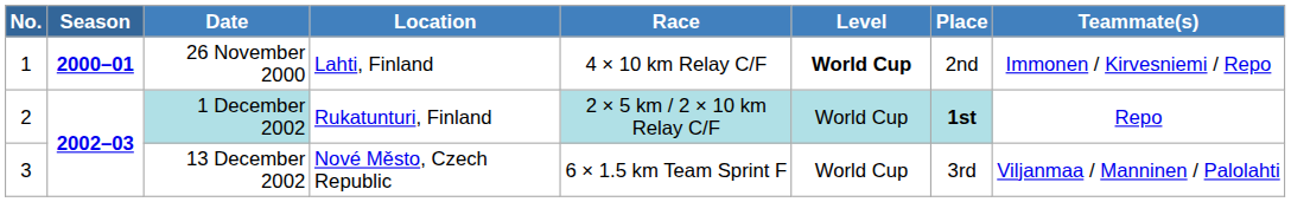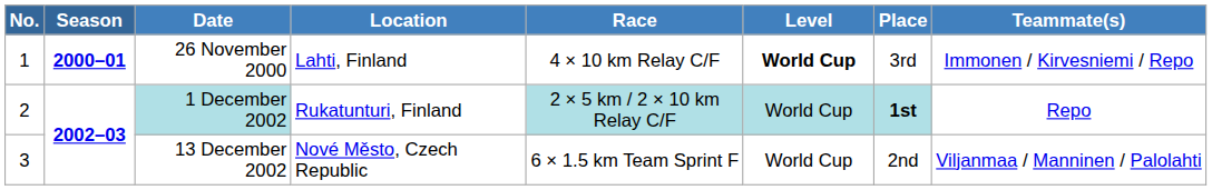 <table class="wikitable sortable" style="font-size:95%; text-align:center; border:grey solid 1px; border-collapse:collapse; background:#ffffff;">
 <tr style="background:#efefef;">
 <th style="background-color:#369; color:white;">No.</th>
 <th style="background-color:#369; color:white;">Season</th>
 <th style="background-color:#4180be; color:white; width:120px;">Date</th>
 <th style="background-color:#4180be; color:white; width:185px;">Location</th>
 <th style="background-color:#4180be; color:white; width:170px;">Race</th>
 <th style="background-color:#4180be; color:white; width:100px;">Level</th>
 <th style="background-color:#4180be; color:white;">Place</th>
 <th style="background-color:#4180be; color:white;">Teammate(s)</th>
 </tr>
 <tr>
 <td align=center>1</td>
 <td rowspan=1 align=center><strong> <a href='#'>2000–01</a> </strong></td>
 <td align=right>26 November 2000</td>
 <td align=left> <a href='#'>Lahti</a>, Finland</td>
 <td>4 × 10 km Relay C/F</td>
 <td><strong>World Cup</strong></td>
-<td>2nd</td>
+<td>3rd</td>
 <td><a href='#'>Immonen</a> / <a href='#'>Kirvesniemi</a> / <a href='#'>Repo</a></td>
 </tr>
 <tr>
 <td align=center>2</td>
 <td rowspan=2 align=center><strong><a href='#'>2002–03</a></strong></td>
 <td bgcolor="#BOEOE6" align=right>1 December 2002</td>
 <td align=left> <a href='#'>Rukatunturi</a>, Finland</td>
 <td bgcolor="#BOEOE6">2 × 5 km / 2 × 10 km Relay C/F</td>
 <td bgcolor="#BOEOE6">World Cup</td>
 <td bgcolor="#BOEOE6"><strong>1st</strong></td>
 <td><a href='#'>Repo</a></td>
 </tr>
 <tr>
 <td align=center>3</td>
 <td align=right>13 December 2002</td>
 <td align=left> <a href='#'>Nové Město</a>, Czech Republic</td>
 <td>6 × 1.5 km Team Sprint F</td>
 <td>World Cup</td>
-<td>3rd</td>
+<td>2nd</td>
 <td><a href='#'>Viljanmaa</a> / <a href='#'>Manninen</a> / <a href='#'>Palolahti</a></td>
 </tr>
 </table>
